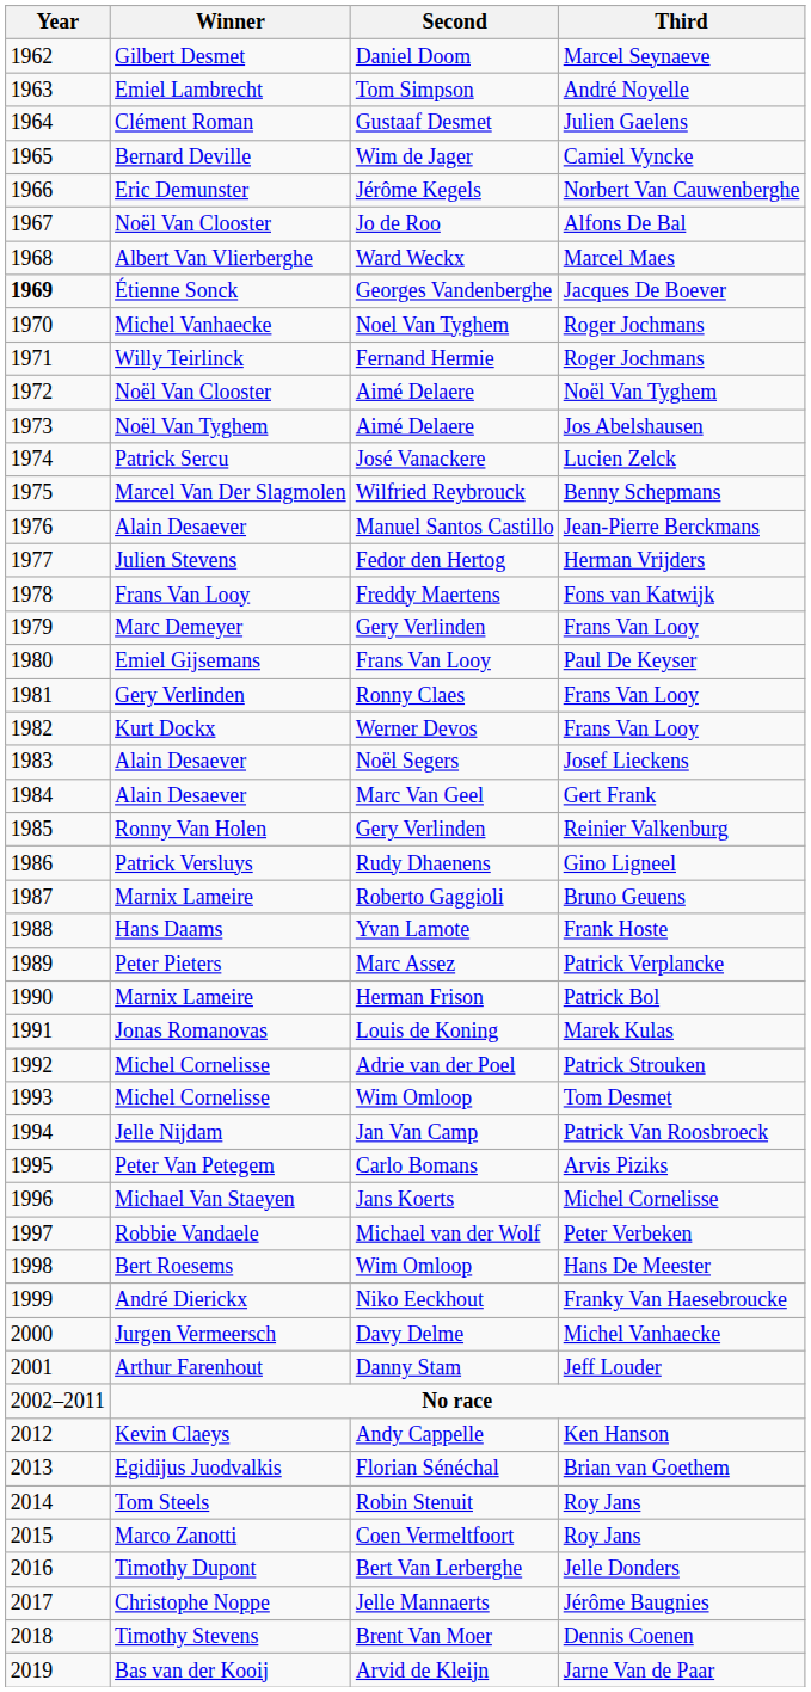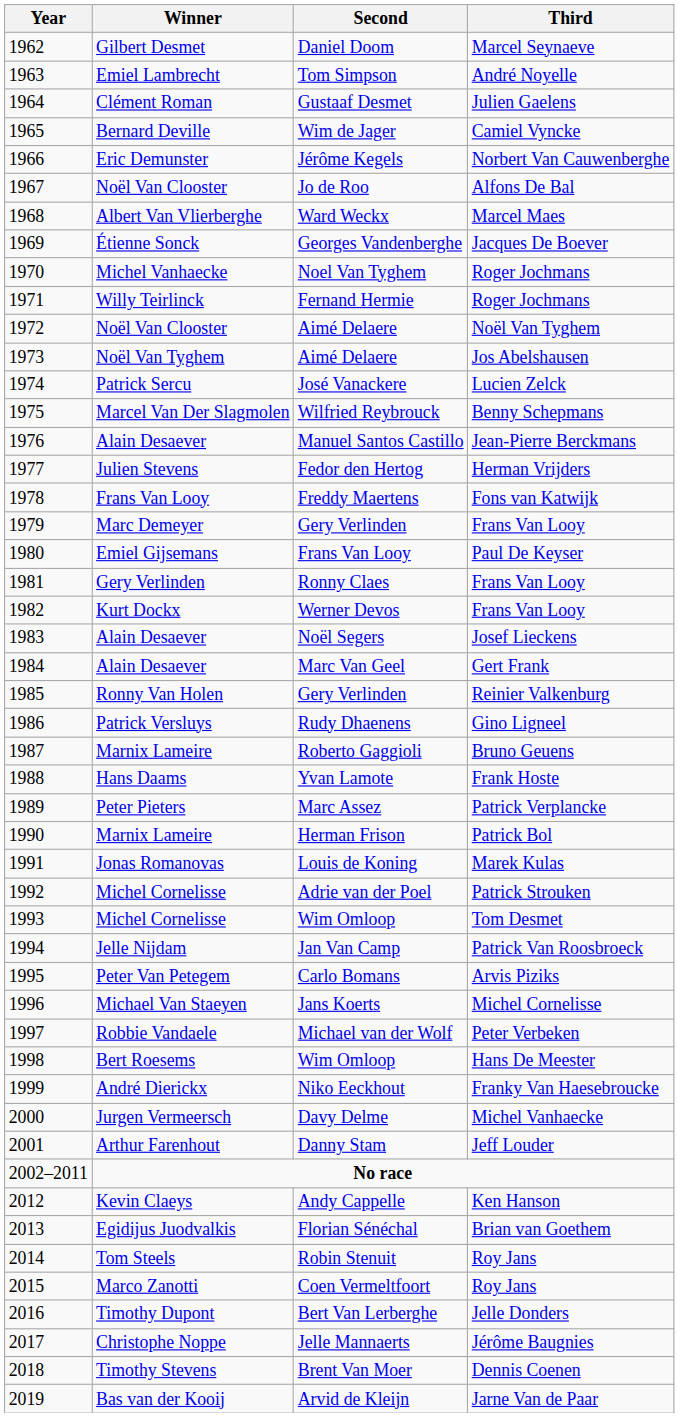 <table class="wikitable sortable">
 <tr>
 <th>Year</th>
 <th>Winner</th>
 <th>Second</th>
 <th>Third</th>
 </tr>
 <tr>
 <td>1962</td>
 <td> <a href='#'>Gilbert Desmet</a></td>
 <td> <a href='#'>Daniel Doom</a></td>
 <td> <a href='#'>Marcel Seynaeve</a></td>
 </tr>
 <tr>
 <td>1963</td>
 <td> <a href='#'>Emiel Lambrecht</a></td>
 <td> <a href='#'>Tom Simpson</a></td>
 <td> <a href='#'>André Noyelle</a></td>
 </tr>
 <tr>
 <td>1964</td>
 <td> <a href='#'>Clément Roman</a></td>
 <td> <a href='#'>Gustaaf Desmet</a></td>
 <td> <a href='#'>Julien Gaelens</a></td>
 </tr>
 <tr>
 <td>1965</td>
 <td> <a href='#'>Bernard Deville</a></td>
 <td> <a href='#'>Wim de Jager</a></td>
 <td> <a href='#'>Camiel Vyncke</a></td>
 </tr>
 <tr>
 <td>1966</td>
 <td> <a href='#'>Eric Demunster</a></td>
 <td> <a href='#'>Jérôme Kegels</a></td>
 <td> <a href='#'>Norbert Van Cauwenberghe</a></td>
 </tr>
 <tr>
 <td>1967</td>
 <td> <a href='#'>Noël Van Clooster</a></td>
 <td> <a href='#'>Jo de Roo</a></td>
 <td> <a href='#'>Alfons De Bal</a></td>
 </tr>
 <tr>
 <td>1968</td>
 <td> <a href='#'>Albert Van Vlierberghe</a></td>
 <td> <a href='#'>Ward Weckx</a></td>
 <td> <a href='#'>Marcel Maes</a></td>
 </tr>
 <tr>
-<td><strong>1969</strong></td>
+<td>1969</td>
 <td> <a href='#'>Étienne Sonck</a></td>
 <td> <a href='#'>Georges Vandenberghe</a></td>
 <td> <a href='#'>Jacques De Boever</a></td>
 </tr>
 <tr>
 <td>1970</td>
 <td> <a href='#'>Michel Vanhaecke</a></td>
 <td> <a href='#'>Noel Van Tyghem</a></td>
 <td> <a href='#'>Roger Jochmans</a></td>
 </tr>
 <tr>
 <td>1971</td>
 <td> <a href='#'>Willy Teirlinck</a></td>
 <td> <a href='#'>Fernand Hermie</a></td>
 <td> <a href='#'>Roger Jochmans</a></td>
 </tr>
 <tr>
 <td>1972</td>
 <td> <a href='#'>Noël Van Clooster</a></td>
 <td> <a href='#'>Aimé Delaere</a></td>
 <td> <a href='#'>Noël Van Tyghem</a></td>
 </tr>
 <tr>
 <td>1973</td>
 <td> <a href='#'>Noël Van Tyghem</a></td>
 <td> <a href='#'>Aimé Delaere</a></td>
 <td> <a href='#'>Jos Abelshausen</a></td>
 </tr>
 <tr>
 <td>1974</td>
 <td> <a href='#'>Patrick Sercu</a></td>
 <td> <a href='#'>José Vanackere</a></td>
 <td> <a href='#'>Lucien Zelck</a></td>
 </tr>
 <tr>
 <td>1975</td>
 <td> <a href='#'>Marcel Van Der Slagmolen</a></td>
 <td> <a href='#'>Wilfried Reybrouck</a></td>
 <td> <a href='#'>Benny Schepmans</a></td>
 </tr>
 <tr>
 <td>1976</td>
 <td> <a href='#'>Alain Desaever</a></td>
 <td> <a href='#'>Manuel Santos Castillo</a></td>
 <td> <a href='#'>Jean-Pierre Berckmans</a></td>
 </tr>
 <tr>
 <td>1977</td>
 <td> <a href='#'>Julien Stevens</a></td>
 <td> <a href='#'>Fedor den Hertog</a></td>
 <td> <a href='#'>Herman Vrijders</a></td>
 </tr>
 <tr>
 <td>1978</td>
 <td> <a href='#'>Frans Van Looy</a></td>
 <td> <a href='#'>Freddy Maertens</a></td>
 <td> <a href='#'>Fons van Katwijk</a></td>
 </tr>
 <tr>
 <td>1979</td>
 <td> <a href='#'>Marc Demeyer</a></td>
 <td> <a href='#'>Gery Verlinden</a></td>
 <td> <a href='#'>Frans Van Looy</a></td>
 </tr>
 <tr>
 <td>1980</td>
 <td> <a href='#'>Emiel Gijsemans</a></td>
 <td> <a href='#'>Frans Van Looy</a></td>
 <td> <a href='#'>Paul De Keyser</a></td>
 </tr>
 <tr>
 <td>1981</td>
 <td> <a href='#'>Gery Verlinden</a></td>
 <td> <a href='#'>Ronny Claes</a></td>
 <td> <a href='#'>Frans Van Looy</a></td>
 </tr>
 <tr>
 <td>1982</td>
 <td> <a href='#'>Kurt Dockx</a></td>
 <td> <a href='#'>Werner Devos</a></td>
 <td> <a href='#'>Frans Van Looy</a></td>
 </tr>
 <tr>
 <td>1983</td>
 <td> <a href='#'>Alain Desaever</a></td>
 <td> <a href='#'>Noël Segers</a></td>
 <td> <a href='#'>Josef Lieckens</a></td>
 </tr>
 <tr>
 <td>1984</td>
 <td> <a href='#'>Alain Desaever</a></td>
 <td> <a href='#'>Marc Van Geel</a></td>
 <td> <a href='#'>Gert Frank</a></td>
 </tr>
 <tr>
 <td>1985</td>
 <td> <a href='#'>Ronny Van Holen</a></td>
 <td> <a href='#'>Gery Verlinden</a></td>
 <td> <a href='#'>Reinier Valkenburg</a></td>
 </tr>
 <tr>
 <td>1986</td>
 <td> <a href='#'>Patrick Versluys</a></td>
 <td> <a href='#'>Rudy Dhaenens</a></td>
 <td> <a href='#'>Gino Ligneel</a></td>
 </tr>
 <tr>
 <td>1987</td>
 <td> <a href='#'>Marnix Lameire</a></td>
 <td> <a href='#'>Roberto Gaggioli</a></td>
 <td> <a href='#'>Bruno Geuens</a></td>
 </tr>
 <tr>
 <td>1988</td>
 <td> <a href='#'>Hans Daams</a></td>
 <td> <a href='#'>Yvan Lamote</a></td>
 <td> <a href='#'>Frank Hoste</a></td>
 </tr>
 <tr>
 <td>1989</td>
 <td> <a href='#'>Peter Pieters</a></td>
 <td> <a href='#'>Marc Assez</a></td>
 <td> <a href='#'>Patrick Verplancke</a></td>
 </tr>
 <tr>
 <td>1990</td>
 <td> <a href='#'>Marnix Lameire</a></td>
 <td> <a href='#'>Herman Frison</a></td>
 <td> <a href='#'>Patrick Bol</a></td>
 </tr>
 <tr>
 <td>1991</td>
 <td> <a href='#'>Jonas Romanovas</a></td>
 <td> <a href='#'>Louis de Koning</a></td>
 <td> <a href='#'>Marek Kulas</a></td>
 </tr>
 <tr>
 <td>1992</td>
 <td> <a href='#'>Michel Cornelisse</a></td>
 <td> <a href='#'>Adrie van der Poel</a></td>
 <td> <a href='#'>Patrick Strouken</a></td>
 </tr>
 <tr>
 <td>1993</td>
 <td> <a href='#'>Michel Cornelisse</a></td>
 <td> <a href='#'>Wim Omloop</a></td>
 <td> <a href='#'>Tom Desmet</a></td>
 </tr>
 <tr>
 <td>1994</td>
 <td> <a href='#'>Jelle Nijdam</a></td>
 <td> <a href='#'>Jan Van Camp</a></td>
 <td> <a href='#'>Patrick Van Roosbroeck</a></td>
 </tr>
 <tr>
 <td>1995</td>
 <td> <a href='#'>Peter Van Petegem</a></td>
 <td> <a href='#'>Carlo Bomans</a></td>
 <td> <a href='#'>Arvis Piziks</a></td>
 </tr>
 <tr>
 <td>1996</td>
 <td> <a href='#'>Michael Van Staeyen</a></td>
 <td> <a href='#'>Jans Koerts</a></td>
 <td> <a href='#'>Michel Cornelisse</a></td>
 </tr>
 <tr>
 <td>1997</td>
 <td> <a href='#'>Robbie Vandaele</a></td>
 <td> <a href='#'>Michael van der Wolf</a></td>
 <td> <a href='#'>Peter Verbeken</a></td>
 </tr>
 <tr>
 <td>1998</td>
 <td> <a href='#'>Bert Roesems</a></td>
 <td> <a href='#'>Wim Omloop</a></td>
 <td> <a href='#'>Hans De Meester</a></td>
 </tr>
 <tr>
 <td>1999</td>
 <td> <a href='#'>André Dierickx</a></td>
 <td> <a href='#'>Niko Eeckhout</a></td>
 <td> <a href='#'>Franky Van Haesebroucke</a></td>
 </tr>
 <tr>
 <td>2000</td>
 <td> <a href='#'>Jurgen Vermeersch</a></td>
 <td> <a href='#'>Davy Delme</a></td>
 <td> <a href='#'>Michel Vanhaecke</a></td>
 </tr>
 <tr>
 <td>2001</td>
 <td> <a href='#'>Arthur Farenhout</a></td>
 <td> <a href='#'>Danny Stam</a></td>
 <td> <a href='#'>Jeff Louder</a></td>
 </tr>
 <tr>
 <td>2002–2011</td>
 <td colspan=3; align=center><strong>No race</strong></td>
 </tr>
 <tr>
 <td>2012</td>
 <td> <a href='#'>Kevin Claeys</a></td>
 <td> <a href='#'>Andy Cappelle</a></td>
 <td> <a href='#'>Ken Hanson</a></td>
 </tr>
 <tr>
 <td>2013</td>
 <td> <a href='#'>Egidijus Juodvalkis</a></td>
 <td> <a href='#'>Florian Sénéchal</a></td>
 <td> <a href='#'>Brian van Goethem</a></td>
 </tr>
 <tr>
 <td>2014</td>
 <td> <a href='#'>Tom Steels</a></td>
 <td> <a href='#'>Robin Stenuit</a></td>
 <td> <a href='#'>Roy Jans</a></td>
 </tr>
 <tr>
 <td>2015</td>
 <td> <a href='#'>Marco Zanotti</a></td>
 <td> <a href='#'>Coen Vermeltfoort</a></td>
 <td> <a href='#'>Roy Jans</a></td>
 </tr>
 <tr>
 <td>2016</td>
 <td> <a href='#'>Timothy Dupont</a></td>
 <td> <a href='#'>Bert Van Lerberghe</a></td>
 <td> <a href='#'>Jelle Donders</a></td>
 </tr>
 <tr>
 <td>2017</td>
 <td> <a href='#'>Christophe Noppe</a></td>
 <td> <a href='#'>Jelle Mannaerts</a></td>
 <td> <a href='#'>Jérôme Baugnies</a></td>
 </tr>
 <tr>
 <td>2018</td>
 <td> <a href='#'>Timothy Stevens</a></td>
 <td> <a href='#'>Brent Van Moer</a></td>
 <td> <a href='#'>Dennis Coenen</a></td>
 </tr>
 <tr>
 <td>2019</td>
 <td> <a href='#'>Bas van der Kooij</a></td>
 <td> <a href='#'>Arvid de Kleijn</a></td>
 <td> <a href='#'>Jarne Van de Paar</a></td>
 </tr>
 </table>
